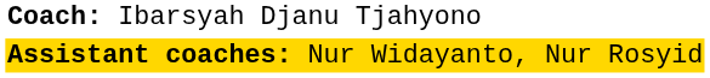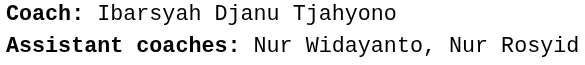 <table>
 <tr>
 <td><strong>Coach:</strong>  Ibarsyah Djanu Tjahyono</td>
 </tr>
 <tr>
-<td style="background: gold;"><strong>Assistant coaches:</strong> Nur Widayanto, Nur Rosyid</td>
+<td><strong>Assistant coaches:</strong> Nur Widayanto, Nur Rosyid</td>
 </tr>
 </table>
